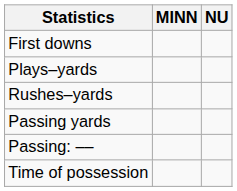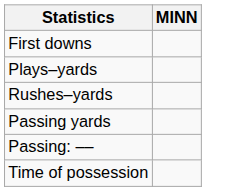 <table class="wikitable" style="float:left">
 <tr>
 <th>Statistics</th>
 <th>MINN</th>
-<th>NU</th>
 </tr>
 <tr>
 <td>First downs</td>
-<td></td>
 <td></td>
 </tr>
 <tr>
 <td>Plays–yards</td>
 <td></td>
-<td></td>
 </tr>
 <tr>
 <td>Rushes–yards</td>
-<td></td>
 <td></td>
 </tr>
 <tr>
 <td>Passing yards</td>
 <td></td>
-<td></td>
 </tr>
 <tr>
 <td>Passing: ––</td>
-<td></td>
 <td></td>
 </tr>
 <tr>
 <td>Time of possession</td>
 <td></td>
-<td></td>
 </tr>
 </table>
